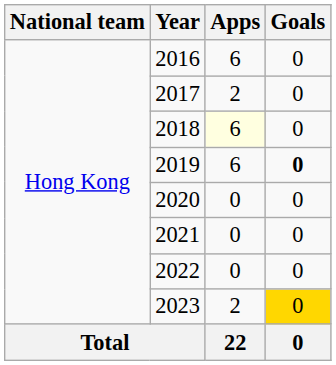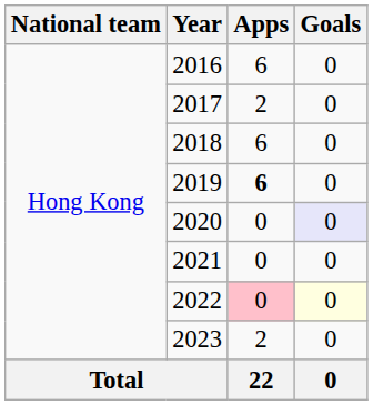 <table class="wikitable" style="text-align:center">
 <tr>
 <th>National team</th>
 <th>Year</th>
 <th>Apps</th>
 <th>Goals</th>
 </tr>
 <tr>
 <td rowspan="8"><a href='#'>Hong Kong</a></td>
 <td>2016</td>
 <td>6</td>
 <td>0</td>
 </tr>
 <tr>
 <td>2017</td>
 <td>2</td>
 <td>0</td>
 </tr>
 <tr>
 <td>2018</td>
-<td style="background: lightyellow;">6</td>
+<td>6</td>
 <td>0</td>
 </tr>
 <tr>
 <td>2019</td>
-<td>6</td>
-<td><strong>0</strong></td>
+<td><strong>6</strong></td>
+<td>0</td>
 </tr>
 <tr>
 <td>2020</td>
 <td>0</td>
-<td>0</td>
+<td style="background: lavender;">0</td>
 </tr>
 <tr>
 <td>2021</td>
 <td>0</td>
 <td>0</td>
 </tr>
 <tr>
 <td>2022</td>
-<td>0</td>
-<td>0</td>
+<td style="background: pink;">0</td>
+<td style="background: lightyellow;">0</td>
 </tr>
 <tr>
 <td>2023</td>
 <td>2</td>
-<td style="background: gold;">0</td>
+<td>0</td>
 </tr>
 <tr>
 <th colspan=2>Total</th>
 <th>22</th>
 <th>0</th>
 </tr>
 </table>
